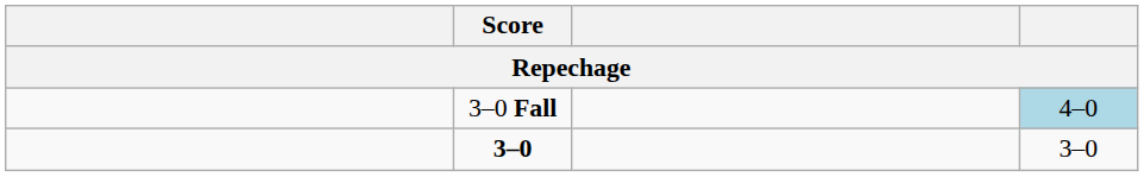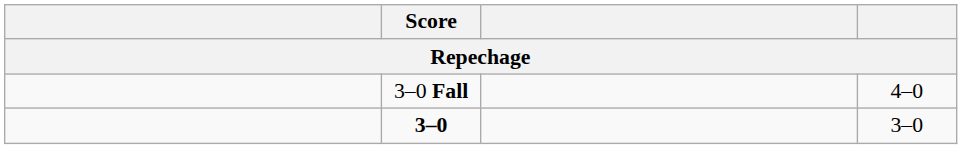 <table class="wikitable" style="text-align: left; ">
 <tr>
 <th align="right" width="270"></th>
 <th width="65">Score</th>
 <th align="left" width="270"></th>
 <th width="65"></th>
 </tr>
 <tr>
 <th colspan=4>Repechage</th>
 </tr>
 <tr>
 <td><strong></strong></td>
 <td align="center">3–0 <strong>Fall</strong></td>
 <td></td>
-<td align=center style="background: lightblue;">4–0 <strong></strong></td>
+<td align=center>4–0 <strong></strong></td>
 </tr>
 <tr>
 <td><strong></strong></td>
 <td align="center"><strong>3–0</strong></td>
 <td></td>
 <td align=center>3–0 <strong></strong></td>
 </tr>
 </table>
